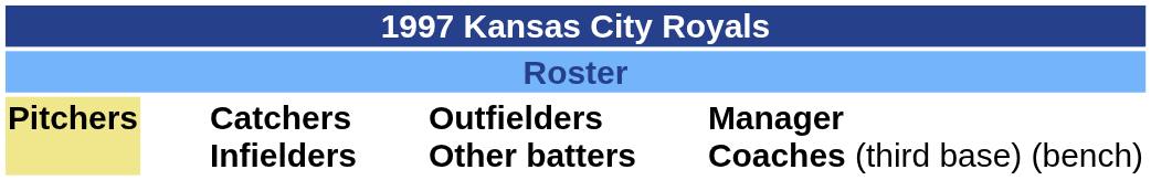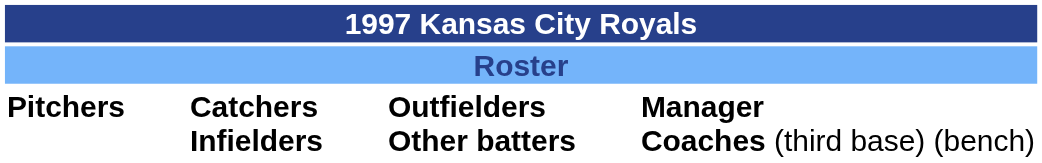 <table class="toccolours" style="font-size: 95%;">
 <tr>
 <th colspan="10" style="background-color: #27408B; color: #FFFFFF; text-align: center;">1997 Kansas City Royals</th>
 </tr>
 <tr>
 <td colspan="10" style="background-color: #74B4FA; color: #27408B; text-align: center;"><strong>Roster</strong></td>
 </tr>
 <tr>
-<td valign="top" style="background: khaki;"><strong>Pitchers</strong><br>                         </td>
+<td valign="top"><strong>Pitchers</strong><br>                         </td>
 <td width="25px"></td>
 <td valign="top"><strong>Catchers</strong><br>     <strong>Infielders</strong>          </td>
 <td width="25px"></td>
 <td valign="top"><strong>Outfielders</strong><br>          <strong>Other batters</strong> </td>
 <td width="25px"></td>
 <td valign="top"><strong>Manager</strong><br> <strong>Coaches</strong>  (third base)      (bench)</td>
 </tr>
 </table>
